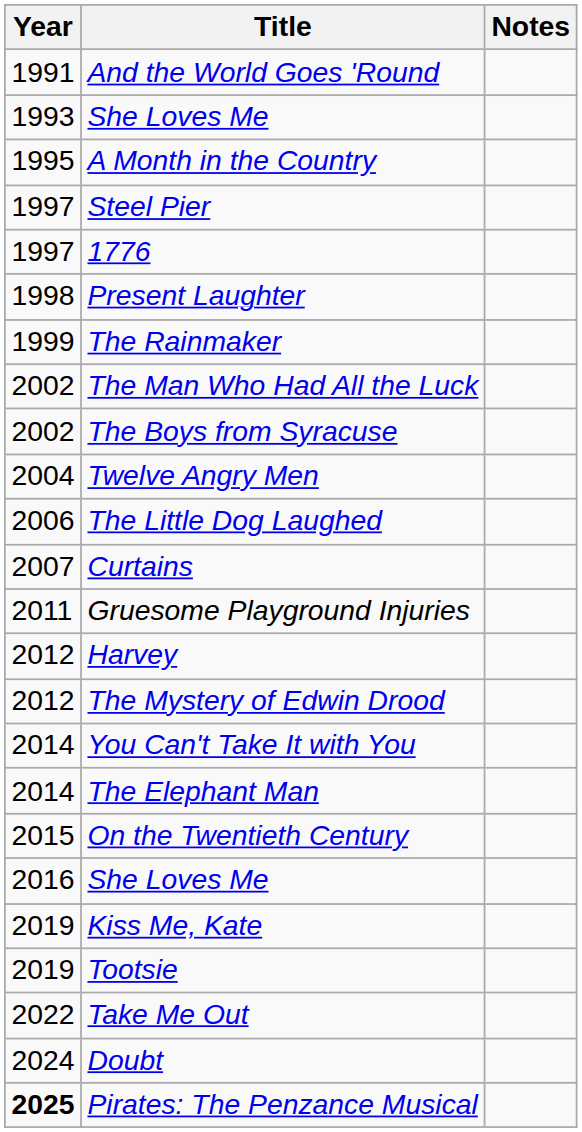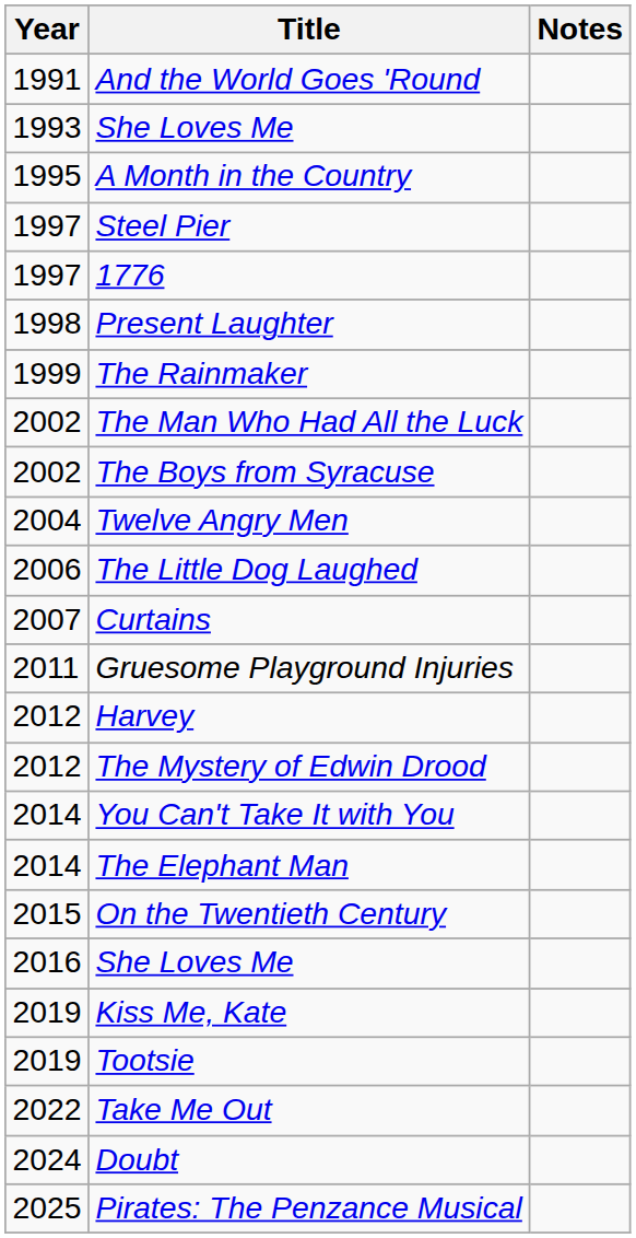 <table class="wikitable">
 <tr>
 <th>Year</th>
 <th>Title</th>
 <th>Notes</th>
 </tr>
 <tr>
 <td>1991</td>
 <td><em><a href='#'>And the World Goes 'Round</a></em></td>
 <td></td>
 </tr>
 <tr>
 <td>1993</td>
 <td><em><a href='#'>She Loves Me</a></em></td>
 <td></td>
 </tr>
 <tr>
 <td>1995</td>
 <td><em><a href='#'>A Month in the Country</a></em></td>
 <td></td>
 </tr>
 <tr>
 <td>1997</td>
 <td><em><a href='#'>Steel Pier</a></em></td>
 <td></td>
 </tr>
 <tr>
 <td>1997</td>
 <td><em><a href='#'>1776</a></em></td>
 <td></td>
 </tr>
 <tr>
 <td>1998</td>
 <td><em><a href='#'>Present Laughter</a></em></td>
 <td></td>
 </tr>
 <tr>
 <td>1999</td>
 <td><em><a href='#'>The Rainmaker</a></em></td>
 <td></td>
 </tr>
 <tr>
 <td>2002</td>
 <td><em><a href='#'>The Man Who Had All the Luck</a></em></td>
 <td></td>
 </tr>
 <tr>
 <td>2002</td>
 <td><em><a href='#'>The Boys from Syracuse</a></em></td>
 </tr>
 <tr>
 <td>2004</td>
 <td><em><a href='#'>Twelve Angry Men</a></em></td>
 <td></td>
 </tr>
 <tr>
 <td>2006</td>
 <td><em><a href='#'>The Little Dog Laughed</a></em></td>
 <td></td>
 </tr>
 <tr>
 <td>2007</td>
 <td><em><a href='#'>Curtains</a></em></td>
 <td></td>
 </tr>
 <tr>
 <td>2011</td>
 <td><em>Gruesome Playground Injuries</em></td>
 <td></td>
 </tr>
 <tr>
 <td>2012</td>
 <td><em><a href='#'>Harvey</a></em></td>
 <td></td>
 </tr>
 <tr>
 <td>2012</td>
 <td><em><a href='#'>The Mystery of Edwin Drood</a></em></td>
 <td></td>
 </tr>
 <tr>
 <td>2014</td>
 <td><em><a href='#'>You Can't Take It with You</a></em></td>
 <td></td>
 </tr>
 <tr>
 <td>2014</td>
 <td><em><a href='#'>The Elephant Man</a></em></td>
 <td></td>
 </tr>
 <tr>
 <td>2015</td>
 <td><em><a href='#'>On the Twentieth Century</a></em></td>
 <td></td>
 </tr>
 <tr>
 <td>2016</td>
 <td><em><a href='#'>She Loves Me</a></em></td>
 <td></td>
 </tr>
 <tr>
 <td>2019</td>
 <td><em><a href='#'>Kiss Me, Kate</a></em></td>
 <td></td>
 </tr>
 <tr>
 <td>2019</td>
 <td><em><a href='#'>Tootsie</a></em></td>
 <td></td>
 </tr>
 <tr>
 <td>2022</td>
 <td><em><a href='#'>Take Me Out</a></em></td>
 <td></td>
 </tr>
 <tr>
 <td>2024</td>
 <td><em><a href='#'>Doubt</a></em></td>
 <td></td>
 </tr>
 <tr>
-<td><strong>2025</strong></td>
+<td>2025</td>
 <td><em><a href='#'>Pirates: The Penzance Musical</a></em></td>
 <td></td>
 </tr>
 </table>
